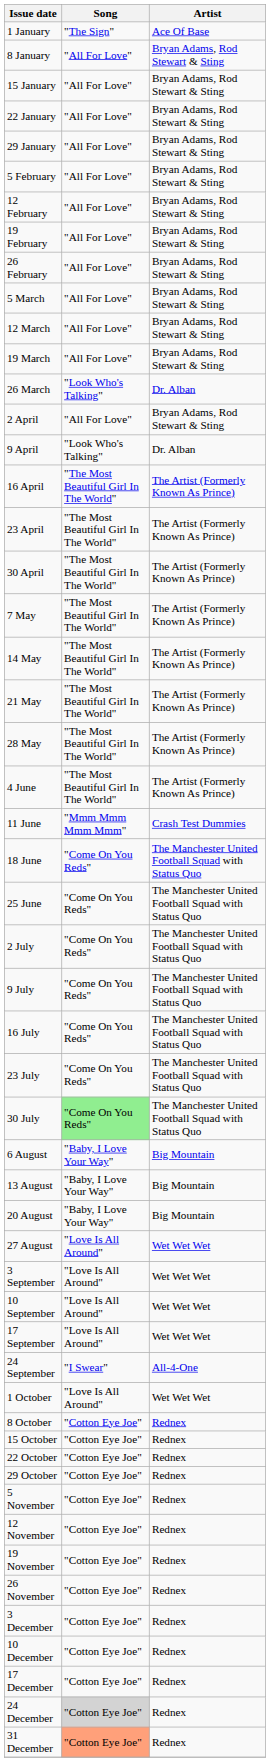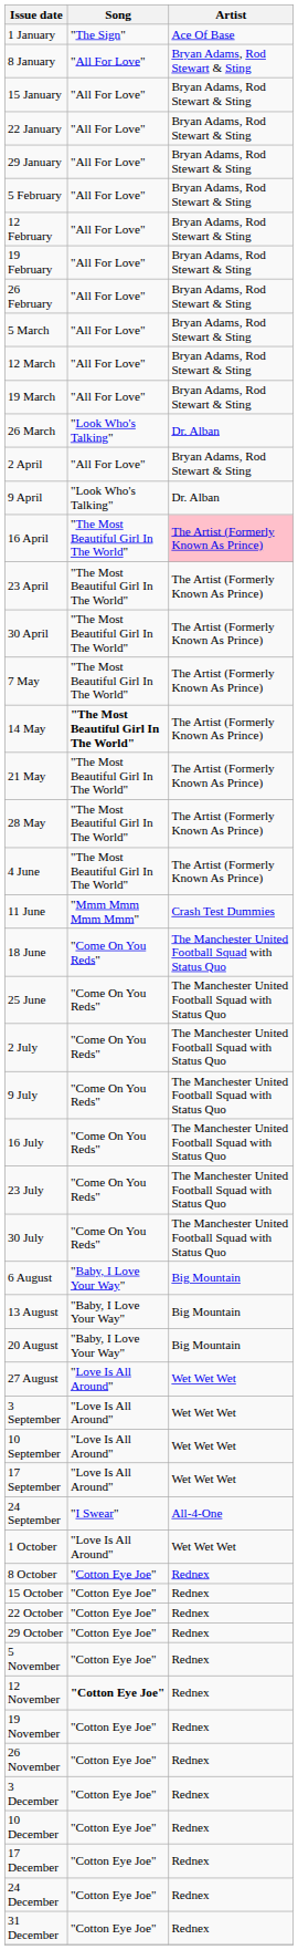 <table width="60%" class=wikitable>
 <tr>
 <th>Issue date</th>
 <th>Song</th>
 <th>Artist</th>
 </tr>
 <tr>
 <td>1 January</td>
 <td>"<a href='#'>The Sign</a>"</td>
 <td><a href='#'>Ace Of Base</a></td>
 </tr>
 <tr>
 <td>8 January</td>
 <td>"<a href='#'>All For Love</a>"</td>
 <td><a href='#'>Bryan Adams</a>, <a href='#'>Rod Stewart</a> & <a href='#'>Sting</a></td>
 </tr>
 <tr>
 <td>15 January</td>
 <td>"All For Love"</td>
 <td>Bryan Adams, Rod Stewart & Sting</td>
 </tr>
 <tr>
 <td>22 January</td>
 <td>"All For Love"</td>
 <td>Bryan Adams, Rod Stewart & Sting</td>
 </tr>
 <tr>
 <td>29 January</td>
 <td>"All For Love"</td>
 <td>Bryan Adams, Rod Stewart & Sting</td>
 </tr>
 <tr>
 <td>5 February</td>
 <td>"All For Love"</td>
 <td>Bryan Adams, Rod Stewart & Sting</td>
 </tr>
 <tr>
 <td>12 February</td>
 <td>"All For Love"</td>
 <td>Bryan Adams, Rod Stewart & Sting</td>
 </tr>
 <tr>
 <td>19 February</td>
 <td>"All For Love"</td>
 <td>Bryan Adams, Rod Stewart & Sting</td>
 </tr>
 <tr>
 <td>26 February</td>
 <td>"All For Love"</td>
 <td>Bryan Adams, Rod Stewart & Sting</td>
 </tr>
 <tr>
 <td>5 March</td>
 <td>"All For Love"</td>
 <td>Bryan Adams, Rod Stewart & Sting</td>
 </tr>
 <tr>
 <td>12 March</td>
 <td>"All For Love"</td>
 <td>Bryan Adams, Rod Stewart & Sting</td>
 </tr>
 <tr>
 <td>19 March</td>
 <td>"All For Love"</td>
 <td>Bryan Adams, Rod Stewart & Sting</td>
 </tr>
 <tr>
 <td>26 March</td>
 <td>"<a href='#'>Look Who's Talking</a>"</td>
 <td><a href='#'>Dr. Alban</a></td>
 </tr>
 <tr>
 <td>2 April</td>
 <td>"All For Love"</td>
 <td>Bryan Adams, Rod Stewart & Sting</td>
 </tr>
 <tr>
 <td>9 April</td>
 <td>"Look Who's Talking"</td>
 <td>Dr. Alban</td>
 </tr>
 <tr>
 <td>16 April</td>
 <td>"<a href='#'>The Most Beautiful Girl In The World</a>"</td>
-<td><a href='#'>The Artist (Formerly Known As Prince)</a></td>
+<td style="background: pink;"><a href='#'>The Artist (Formerly Known As Prince)</a></td>
 </tr>
 <tr>
 <td>23 April</td>
 <td>"The Most Beautiful Girl In The World"</td>
 <td>The Artist (Formerly Known As Prince)</td>
 </tr>
 <tr>
 <td>30 April</td>
 <td>"The Most Beautiful Girl In The World"</td>
 <td>The Artist (Formerly Known As Prince)</td>
 </tr>
 <tr>
 <td>7 May</td>
 <td>"The Most Beautiful Girl In The World"</td>
 <td>The Artist (Formerly Known As Prince)</td>
 </tr>
 <tr>
 <td>14 May</td>
-<td>"The Most Beautiful Girl In The World"</td>
+<td><strong>"The Most Beautiful Girl In The World"</strong></td>
 <td>The Artist (Formerly Known As Prince)</td>
 </tr>
 <tr>
 <td>21 May</td>
 <td>"The Most Beautiful Girl In The World"</td>
 <td>The Artist (Formerly Known As Prince)</td>
 </tr>
 <tr>
 <td>28 May</td>
 <td>"The Most Beautiful Girl In The World"</td>
 <td>The Artist (Formerly Known As Prince)</td>
 </tr>
 <tr>
 <td>4 June</td>
 <td>"The Most Beautiful Girl In The World"</td>
 <td>The Artist (Formerly Known As Prince)</td>
 </tr>
 <tr>
 <td>11 June</td>
 <td>"<a href='#'>Mmm Mmm Mmm Mmm</a>"</td>
 <td><a href='#'>Crash Test Dummies</a></td>
 </tr>
 <tr>
 <td>18 June</td>
 <td>"<a href='#'>Come On You Reds</a>"</td>
 <td><a href='#'>The Manchester United Football Squad</a> with <a href='#'>Status Quo</a></td>
 </tr>
 <tr>
 <td>25 June</td>
 <td>"Come On You Reds"</td>
 <td>The Manchester United Football Squad with Status Quo</td>
 </tr>
 <tr>
 <td>2 July</td>
 <td>"Come On You Reds"</td>
 <td>The Manchester United Football Squad with Status Quo</td>
 </tr>
 <tr>
 <td>9 July</td>
 <td>"Come On You Reds"</td>
 <td>The Manchester United Football Squad with Status Quo</td>
 </tr>
 <tr>
 <td>16 July</td>
 <td>"Come On You Reds"</td>
 <td>The Manchester United Football Squad with Status Quo</td>
 </tr>
 <tr>
 <td>23 July</td>
 <td>"Come On You Reds"</td>
 <td>The Manchester United Football Squad with Status Quo</td>
 </tr>
 <tr>
 <td>30 July</td>
-<td style="background: lightgreen;">"Come On You Reds"</td>
+<td>"Come On You Reds"</td>
 <td>The Manchester United Football Squad with Status Quo</td>
 </tr>
 <tr>
 <td>6 August</td>
 <td>"<a href='#'>Baby, I Love Your Way</a>"</td>
 <td><a href='#'>Big Mountain</a></td>
 </tr>
 <tr>
 <td>13 August</td>
 <td>"Baby, I Love Your Way"</td>
 <td>Big Mountain</td>
 </tr>
 <tr>
 <td>20 August</td>
 <td>"Baby, I Love Your Way"</td>
 <td>Big Mountain</td>
 </tr>
 <tr>
 <td>27 August</td>
 <td>"<a href='#'>Love Is All Around</a>"</td>
 <td><a href='#'>Wet Wet Wet</a></td>
 </tr>
 <tr>
 <td>3 September</td>
 <td>"Love Is All Around"</td>
 <td>Wet Wet Wet</td>
 </tr>
 <tr>
 <td>10 September</td>
 <td>"Love Is All Around"</td>
 <td>Wet Wet Wet</td>
 </tr>
 <tr>
 <td>17 September</td>
 <td>"Love Is All Around"</td>
 <td>Wet Wet Wet</td>
 </tr>
 <tr>
 <td>24 September</td>
 <td>"<a href='#'>I Swear</a>"</td>
 <td><a href='#'>All-4-One</a></td>
 </tr>
 <tr>
 <td>1 October</td>
 <td>"Love Is All Around"</td>
 <td>Wet Wet Wet</td>
 </tr>
 <tr>
 <td>8 October</td>
 <td>"<a href='#'>Cotton Eye Joe</a>"</td>
 <td><a href='#'>Rednex</a></td>
 </tr>
 <tr>
 <td>15 October</td>
 <td>"Cotton Eye Joe"</td>
 <td>Rednex</td>
 </tr>
 <tr>
 <td>22 October</td>
 <td>"Cotton Eye Joe"</td>
 <td>Rednex</td>
 </tr>
 <tr>
 <td>29 October</td>
 <td>"Cotton Eye Joe"</td>
 <td>Rednex</td>
 </tr>
 <tr>
 <td>5 November</td>
 <td>"Cotton Eye Joe"</td>
 <td>Rednex</td>
 </tr>
 <tr>
 <td>12 November</td>
-<td>"Cotton Eye Joe"</td>
+<td><strong>"Cotton Eye Joe"</strong></td>
 <td>Rednex</td>
 </tr>
 <tr>
 <td>19 November</td>
 <td>"Cotton Eye Joe"</td>
 <td>Rednex</td>
 </tr>
 <tr>
 <td>26 November</td>
 <td>"Cotton Eye Joe"</td>
 <td>Rednex</td>
 </tr>
 <tr>
 <td>3 December</td>
 <td>"Cotton Eye Joe"</td>
 <td>Rednex</td>
 </tr>
 <tr>
 <td>10 December</td>
 <td>"Cotton Eye Joe"</td>
 <td>Rednex</td>
 </tr>
 <tr>
 <td>17 December</td>
 <td>"Cotton Eye Joe"</td>
 <td>Rednex</td>
 </tr>
 <tr>
 <td>24 December</td>
-<td style="background: lightgrey;">"Cotton Eye Joe"</td>
+<td>"Cotton Eye Joe"</td>
 <td>Rednex</td>
 </tr>
 <tr>
 <td>31 December</td>
-<td style="background: lightsalmon;">"Cotton Eye Joe"</td>
+<td>"Cotton Eye Joe"</td>
 <td>Rednex</td>
 </tr>
 <tr>
 </tr>
 </table>
